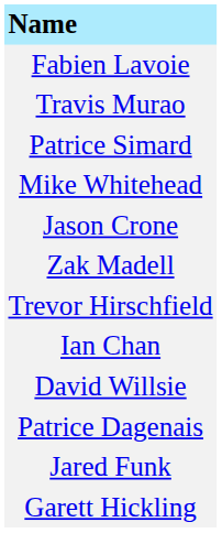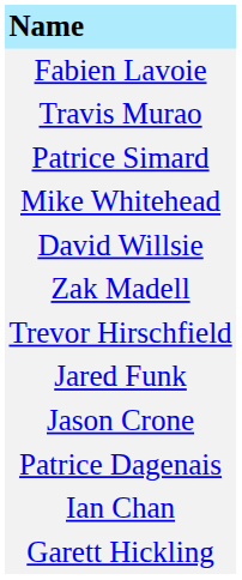 <table border=0 cellpadding=2 cellspacing=0  |- bgcolor=#F2F2F2 style="text-align:center; font-size:90%;">
 <tr bgcolor=#ADEBFD>
 <th align=left>Name</th>
 </tr>
 <tr>
 <td><a href='#'>Fabien Lavoie</a></td>
 </tr>
 <tr>
 <td><a href='#'>Travis Murao</a></td>
 </tr>
 <tr>
 <td><a href='#'>Patrice Simard</a></td>
 </tr>
 <tr>
 <td><a href='#'>Mike Whitehead</a></td>
 </tr>
 <tr>
-<td><a href='#'>Jason Crone</a></td>
+<td><a href='#'>David Willsie</a></td>
 </tr>
 <tr>
 <td><a href='#'>Zak Madell</a></td>
 </tr>
 <tr>
 <td><a href='#'>Trevor Hirschfield</a></td>
 </tr>
 <tr>
-<td><a href='#'>Ian Chan</a></td>
+<td><a href='#'>Jared Funk</a></td>
 </tr>
 <tr>
-<td><a href='#'>David Willsie</a></td>
+<td><a href='#'>Jason Crone</a></td>
 </tr>
 <tr>
 <td><a href='#'>Patrice Dagenais</a></td>
 </tr>
 <tr>
-<td><a href='#'>Jared Funk</a></td>
+<td><a href='#'>Ian Chan</a></td>
 </tr>
 <tr>
 <td><a href='#'>Garett Hickling</a></td>
 </tr>
 </table>
